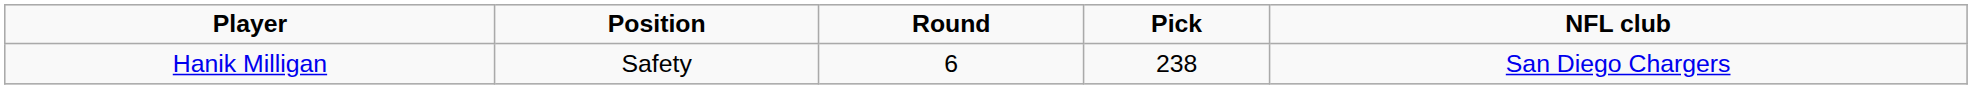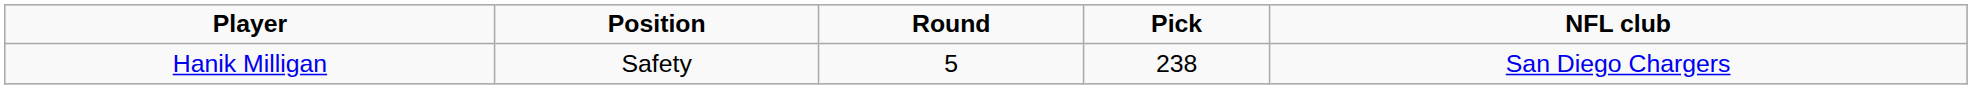 <table class="wikitable" width="80%">
 <tr align="center">
 <td><strong>Player</strong></td>
 <td><strong>Position</strong></td>
 <td><strong>Round</strong></td>
 <td><strong>Pick</strong></td>
 <td><strong>NFL club</strong></td>
 </tr>
 <tr align="center" bgcolor="">
 <td><a href='#'>Hanik Milligan</a></td>
 <td>Safety</td>
-<td>6</td>
+<td>5</td>
 <td>238</td>
 <td><a href='#'>San Diego Chargers</a></td>
 </tr>
 </table>
